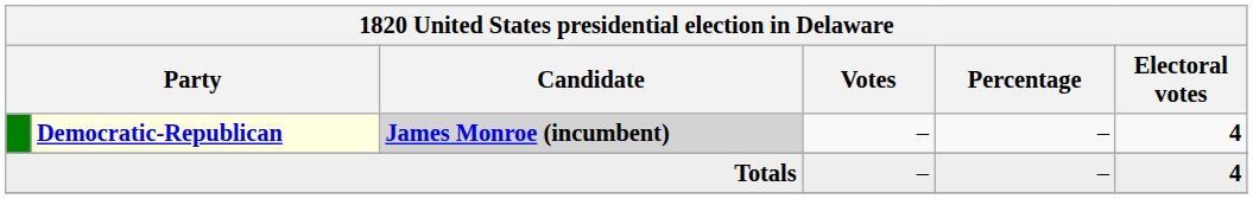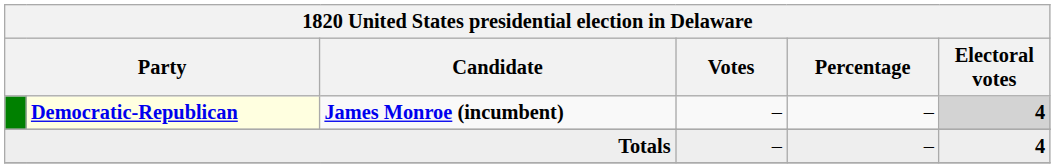 <table class="wikitable" style="font-size: 95%;">
 <tr>
 <th colspan="6">1820 United States presidential election in Delaware</th>
 </tr>
 <tr>
 <th colspan="2" style="width: 15em">Party</th>
 <th style="width: 17em">Candidate</th>
 <th style="width: 5em">Votes</th>
 <th style="width: 7em">Percentage</th>
 <th style="width: 5em">Electoral votes</th>
 </tr>
 <tr>
 <th style="background-color:#008000; width: 3px"></th>
 <td style="background: lightyellow; width: 130px"><strong><a href='#'>Democratic-Republican</a></strong></td>
-<td style="background: lightgrey;"><strong><a href='#'>James Monroe</a> (incumbent)</strong></td>
+<td><strong><a href='#'>James Monroe</a> (incumbent)</strong></td>
 <td align="right">–</td>
 <td align="right">–</td>
-<td align="right"><strong>4</strong></td>
+<td align="right" style="background: lightgrey;"><strong>4</strong></td>
 </tr>
 <tr>
 </tr>
 <tr bgcolor="#EEEEEE">
 <td colspan="3" align="right"><strong>Totals</strong></td>
 <td align="right">–</td>
 <td align="right">–</td>
 <td align="right"><strong>4</strong></td>
 </tr>
 <tr>
 </tr>
 </table>
